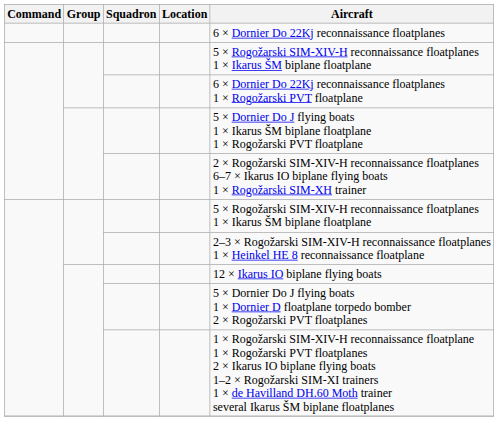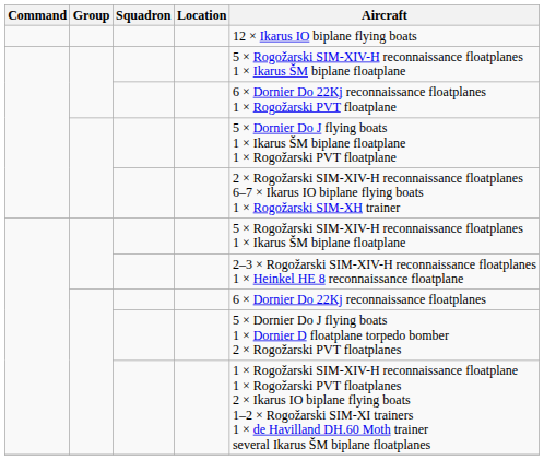 <table class="wikitable">
 <tr>
 <th scope="col">Command</th>
 <th scope="col">Group</th>
 <th scope="col">Squadron</th>
 <th scope="col">Location</th>
 <th scope="col">Aircraft</th>
 </tr>
 <tr>
 <td rowspan=1></td>
 <td rowspan=1></td>
 <td></td>
 <td></td>
-<td>6 × <a href='#'>Dornier Do 22Kj</a> reconnaissance floatplanes</td>
+<td>12 × <a href='#'>Ikarus IO</a> biplane flying boats</td>
 </tr>
 <tr>
 <td rowspan=4></td>
 <td rowspan=2></td>
 <td></td>
 <td></td>
 <td>5 × <a href='#'>Rogožarski SIM-XIV-H</a> reconnaissance floatplanes<br>1 × <a href='#'>Ikarus ŠM</a> biplane floatplane</td>
 </tr>
 <tr>
 <td></td>
 <td></td>
 <td>6 × <a href='#'>Dornier Do 22Kj</a> reconnaissance floatplanes<br>1 × <a href='#'>Rogožarski PVT</a> floatplane</td>
 </tr>
 <tr>
 <td rowspan=2></td>
 <td></td>
 <td></td>
 <td>5 × <a href='#'>Dornier Do J</a> flying boats<br>1 × Ikarus ŠM biplane floatplane<br>1 × Rogožarski PVT floatplane</td>
 </tr>
 <tr>
 <td></td>
 <td></td>
 <td>2 × Rogožarski SIM-XIV-H reconnaissance floatplanes<br>6–7 × Ikarus IO biplane flying boats<br>1 × <a href='#'>Rogožarski SIM-XH</a> trainer</td>
 </tr>
 <tr>
 <td rowspan=5></td>
 <td rowspan=2></td>
 <td></td>
 <td></td>
 <td>5 × Rogožarski SIM-XIV-H reconnaissance floatplanes<br>1 × Ikarus ŠM biplane floatplane</td>
 </tr>
 <tr>
 <td></td>
 <td></td>
 <td>2–3 × Rogožarski SIM-XIV-H reconnaissance floatplanes<br>1 × <a href='#'>Heinkel HE 8</a> reconnaissance floatplane</td>
 </tr>
 <tr>
 <td rowspan=3></td>
 <td></td>
 <td></td>
-<td>12 × <a href='#'>Ikarus IO</a> biplane flying boats</td>
+<td>6 × <a href='#'>Dornier Do 22Kj</a> reconnaissance floatplanes</td>
 </tr>
 <tr>
 <td></td>
 <td></td>
 <td>5 × Dornier Do J flying boats<br>1 × <a href='#'>Dornier D</a> floatplane torpedo bomber<br>2 × Rogožarski PVT floatplanes</td>
 </tr>
 <tr>
 <td></td>
 <td></td>
 <td>1 × Rogožarski SIM-XIV-H reconnaissance floatplane<br>1 × Rogožarski PVT floatplanes<br>2 × Ikarus IO biplane flying boats<br>1–2 × Rogožarski SIM-XI trainers<br>1 × <a href='#'>de Havilland DH.60 Moth</a> trainer<br>several Ikarus ŠM biplane floatplanes</td>
 </tr>
 <tr>
 </tr>
 </table>
